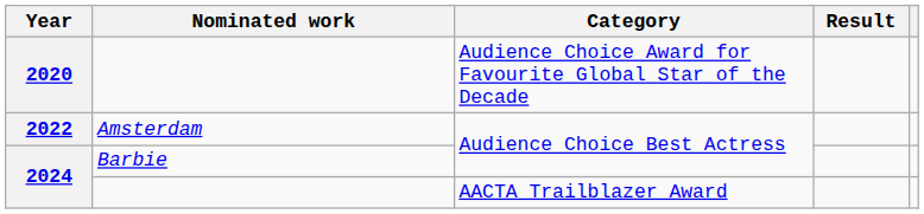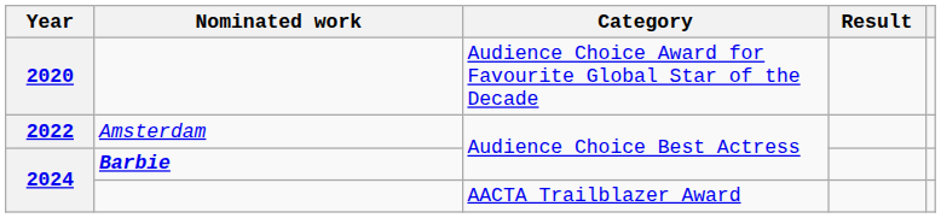 <table class=wikitable>
 <tr>
 <th scope="col" style="width:5em;">Year</th>
 <th scope="col" style="width:26em;">Nominated work</th>
 <th scope="col" style="width:25em;">Category</th>
 <th scope="col" style="width:5em;">Result</th>
 <th scope="col"></th>
 </tr>
 <tr>
 <th scope="row"><a href='#'>2020</a></th>
 <td></td>
 <td><a href='#'>Audience Choice Award for Favourite Global Star of the Decade</a></td>
 <td></td>
 <td style="text-align:center;"></td>
 </tr>
 <tr>
 <th scope="row"><a href='#'>2022</a></th>
 <td><em><a href='#'>Amsterdam</a></em></td>
 <td rowspan=2><a href='#'>Audience Choice Best Actress</a></td>
 <td></td>
 <td style="text-align:center;"></td>
 </tr>
 <tr>
 <th scope="row" rowspan=2><a href='#'>2024</a></th>
-<td><em><a href='#'>Barbie</a></em></td>
+<td><strong><em><a href='#'>Barbie</a></em></strong></td>
 <td></td>
 <td style="text-align:center;"></td>
 </tr>
 <tr>
 <td></td>
 <td><a href='#'>AACTA Trailblazer Award</a></td>
 <td></td>
 <td style="text-align:center;"></td>
 </tr>
 </table>
